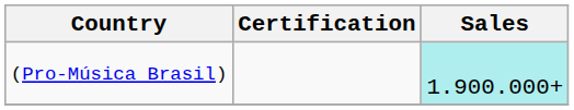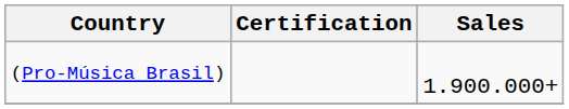 <table class="wikitable">
 <tr>
 <th>Country</th>
 <th>Certification</th>
 <th>Sales</th>
 </tr>
 <tr>
 <td> <small>(<a href='#'>Pro-Música Brasil</a>)</small></td>
 <td align="center"><br></td>
-<td style="background: paleturquoise;"><br>1.900.000+</td>
+<td><br>1.900.000+</td>
 </tr>
 <tr>
 </tr>
 </table>
